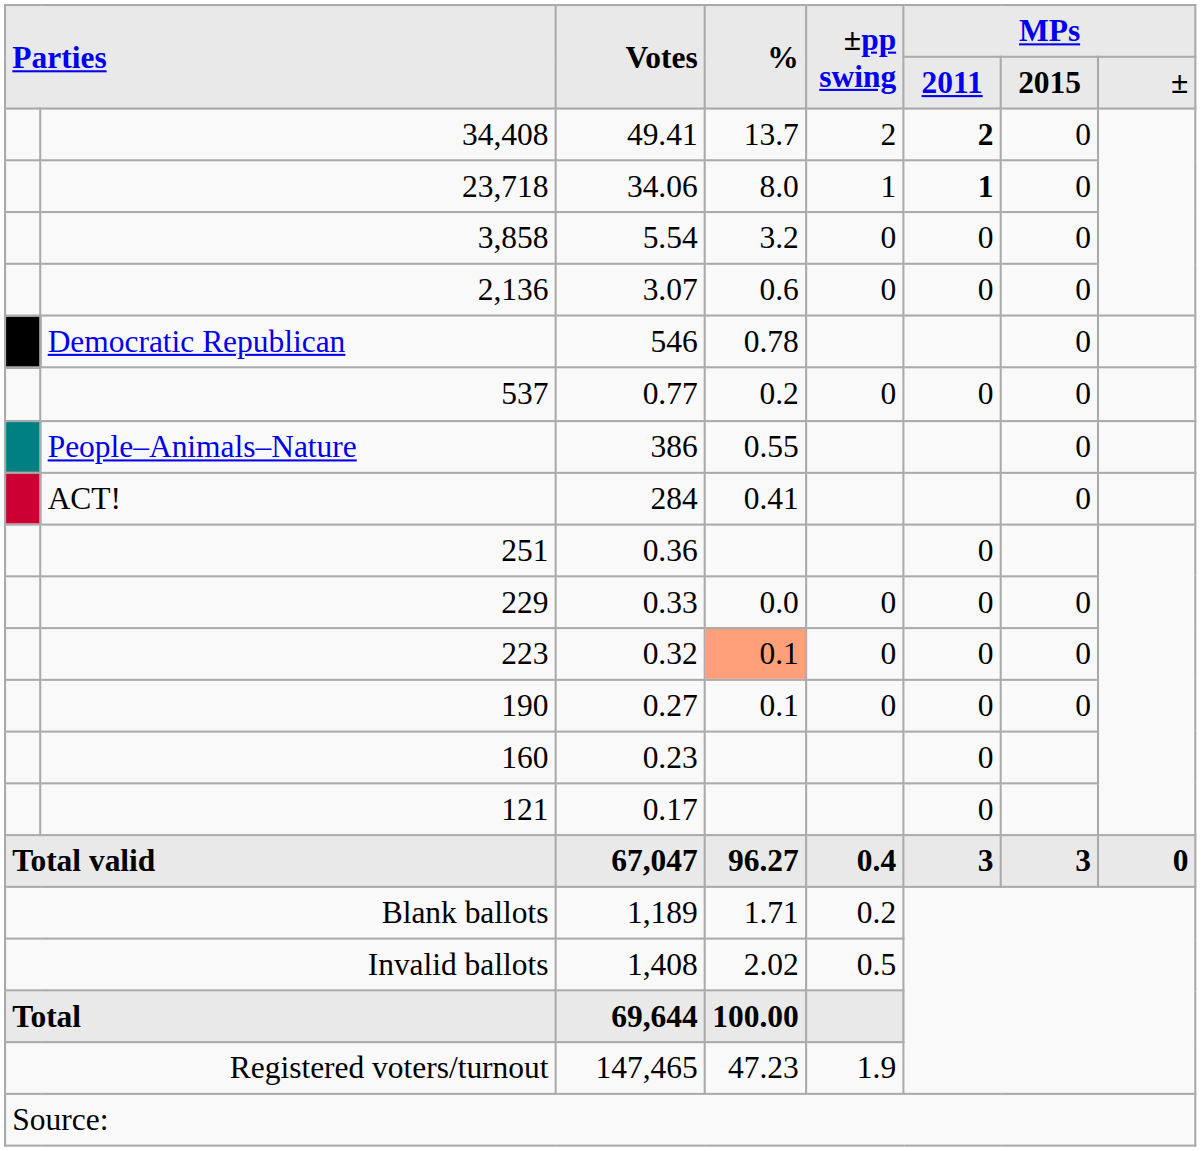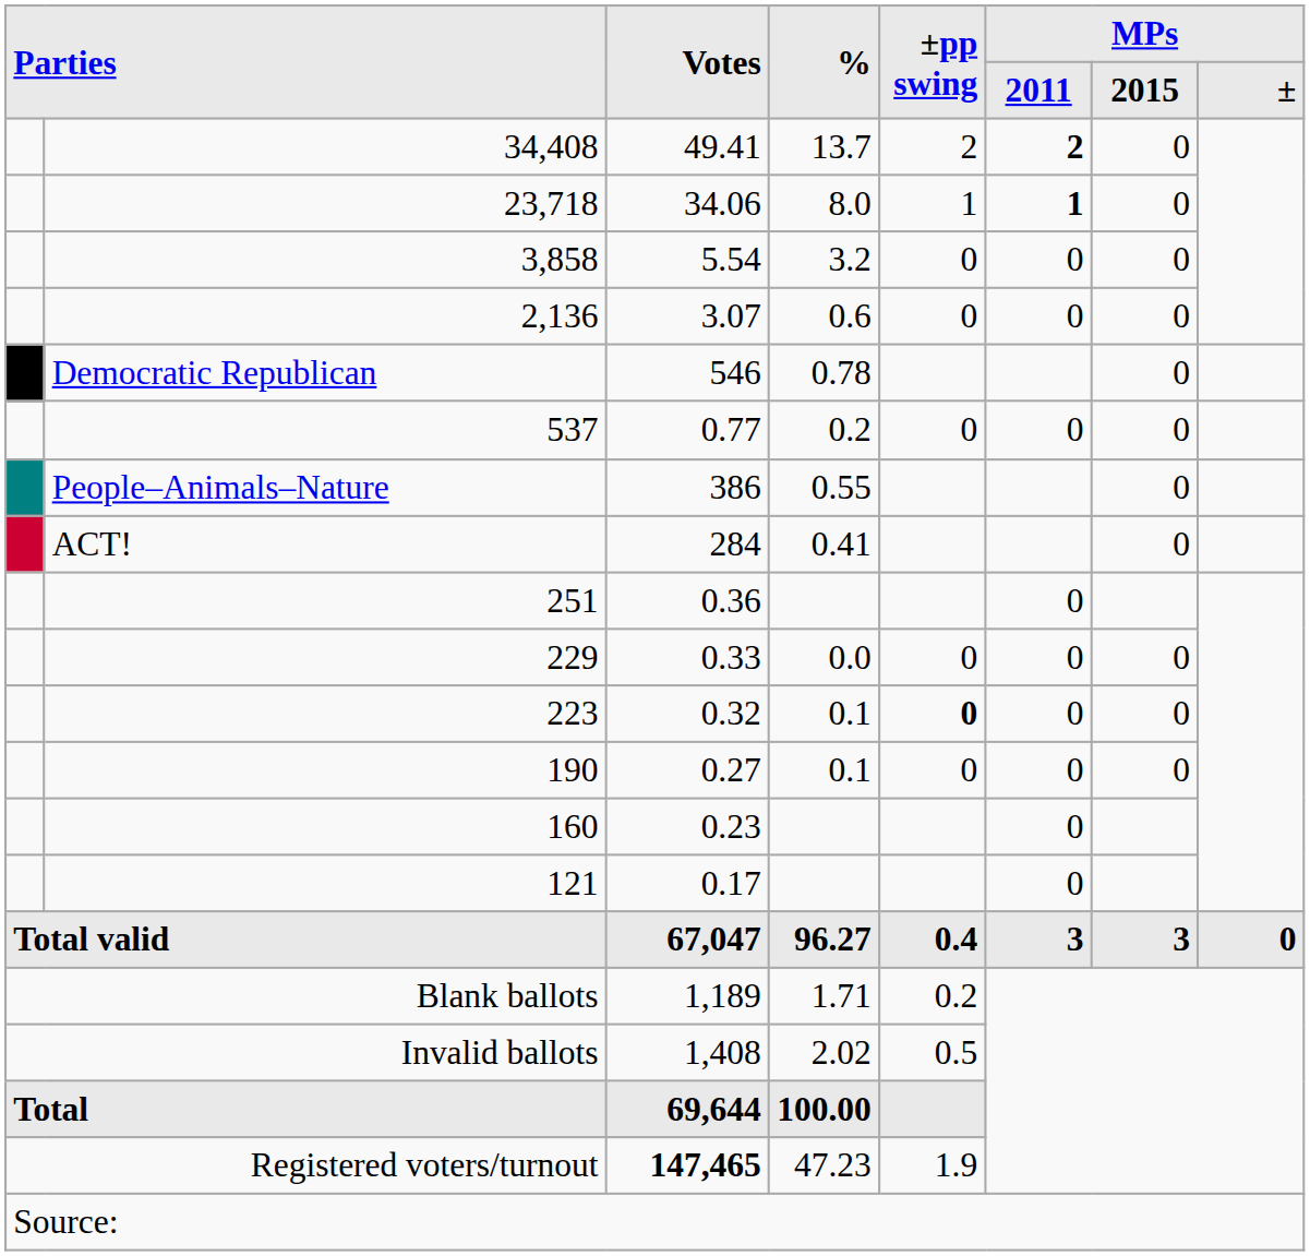 <table class="wikitable" style="text-align:right; font-size:95%;">
 <tr>
 <th rowspan="2" colspan="2" style="background:#e9e9e9; text-align:left;" alignleft><a href='#'>Parties</a></th>
 <th rowspan="2" style="background:#e9e9e9; text-align:right;">Votes</th>
 <th rowspan="2" style="background:#e9e9e9; text-align:right;">%</th>
 <th rowspan="2" style="background:#e9e9e9; text-align:right;">±<a href='#'>pp</a> <a href='#'>swing</a></th>
 <th colspan="3" style="background:#e9e9e9; text-align:center;"><a href='#'>MPs</a></th>
 </tr>
 <tr style="background-color:#E9E9E9">
 <th style="background-color:#E9E9E9;text-align:center;"><a href='#'>2011</a></th>
 <th style="background-color:#E9E9E9;text-align:center;">2015</th>
 <th style="background:#e9e9e9; text-align:right;">±</th>
 </tr>
 <tr>
 <td> </td>
 <td>34,408</td>
 <td>49.41</td>
 <td>13.7</td>
 <td>2</td>
 <td><strong>2</strong></td>
 <td>0</td>
 </tr>
 <tr>
 <td></td>
 <td>23,718</td>
 <td>34.06</td>
 <td>8.0</td>
 <td>1</td>
 <td><strong>1</strong></td>
 <td>0</td>
 </tr>
 <tr>
 <td></td>
 <td>3,858</td>
 <td>5.54</td>
 <td>3.2</td>
 <td>0</td>
 <td>0</td>
 <td>0</td>
 </tr>
 <tr>
 <td></td>
 <td>2,136</td>
 <td>3.07</td>
 <td>0.6</td>
 <td>0</td>
 <td>0</td>
 <td>0</td>
 </tr>
 <tr>
 <td style="width: 10px" bgcolor=black align="center"></td>
 <td align=left><a href='#'>Democratic Republican</a></td>
 <td>546</td>
 <td>0.78</td>
 <td></td>
 <td></td>
 <td>0</td>
 <td></td>
 </tr>
 <tr>
 <td></td>
 <td>537</td>
 <td>0.77</td>
 <td>0.2</td>
 <td>0</td>
 <td>0</td>
 <td>0</td>
 </tr>
 <tr>
 <td style="width: 10px" bgcolor="teal" align="center"></td>
 <td align="left"><a href='#'>People–Animals–Nature</a></td>
 <td>386</td>
 <td>0.55</td>
 <td></td>
 <td></td>
 <td>0</td>
 <td></td>
 </tr>
 <tr>
 <td style="width:10px; background:#CC0033; text-align:center;"></td>
 <td style="text-align:left;">ACT! </td>
 <td>284</td>
 <td>0.41</td>
 <td></td>
 <td></td>
 <td>0</td>
 <td></td>
 </tr>
 <tr>
 <td></td>
 <td>251</td>
 <td>0.36</td>
 <td></td>
 <td></td>
 <td>0</td>
 <td></td>
 </tr>
 <tr>
 <td></td>
 <td>229</td>
 <td>0.33</td>
 <td>0.0</td>
 <td>0</td>
 <td>0</td>
 <td>0</td>
 </tr>
 <tr>
 <td></td>
 <td>223</td>
 <td>0.32</td>
-<td style="background: lightsalmon;">0.1</td>
-<td>0</td>
+<td>0.1</td>
+<td><strong>0</strong></td>
 <td>0</td>
 <td>0</td>
 </tr>
 <tr>
 <td></td>
 <td>190</td>
 <td>0.27</td>
 <td>0.1</td>
 <td>0</td>
 <td>0</td>
 <td>0</td>
 </tr>
 <tr>
 <td></td>
 <td>160</td>
 <td>0.23</td>
 <td></td>
 <td></td>
 <td>0</td>
 <td></td>
 </tr>
 <tr>
 <td></td>
 <td>121</td>
 <td>0.17</td>
 <td></td>
 <td></td>
 <td>0</td>
 <td></td>
 </tr>
 <tr>
 <td colspan=2 align=left style="background-color:#E9E9E9"><strong>Total valid</strong></td>
 <td width="65" align="right" style="background-color:#E9E9E9"><strong>67,047</strong></td>
 <td width="40" align="right" style="background-color:#E9E9E9"><strong>96.27</strong></td>
 <td width="40" align="right" style="background-color:#E9E9E9"><strong>0.4</strong></td>
 <td width="40" align="right" style="background-color:#E9E9E9"><strong>3</strong></td>
 <td width="40" align="right" style="background-color:#E9E9E9"><strong>3</strong></td>
 <td width="40" align="right" style="background-color:#E9E9E9"><strong>0</strong></td>
 </tr>
 <tr>
 <td colspan=2>Blank ballots</td>
 <td>1,189</td>
 <td>1.71</td>
 <td>0.2</td>
 <td colspan=4 rowspan=4></td>
 </tr>
 <tr>
 <td colspan=2>Invalid ballots</td>
 <td>1,408</td>
 <td>2.02</td>
 <td>0.5</td>
 </tr>
 <tr>
 <td colspan=2 width="259" align=left style="background-color:#E9E9E9"><strong>Total</strong></td>
 <td width="50" align="right" style="background-color:#E9E9E9"><strong>69,644</strong></td>
 <td width="40" align="right" style="background-color:#E9E9E9"><strong>100.00</strong></td>
 <td width="40" align="right" style="background-color:#E9E9E9"></td>
 </tr>
 <tr>
 <td colspan=2>Registered voters/turnout</td>
-<td>147,465</td>
+<td><strong>147,465</strong></td>
 <td>47.23</td>
 <td>1.9</td>
 </tr>
 <tr>
 <td colspan=11 align=left>Source: </td>
 </tr>
 </table>
